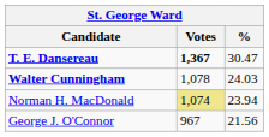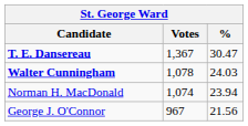 <table class="wikitable">
 <tr>
 <th colspan="3"><a href='#'>St. George Ward</a></th>
 </tr>
 <tr>
 <th style="width: 200px">Candidate</th>
 <th style="width: 50px">Votes</th>
 <th style="width: 40px">%</th>
 </tr>
 <tr>
 <td><strong><a href='#'>T. E. Dansereau</a></strong></td>
-<td><strong>1,367</strong></td>
+<td>1,367</td>
 <td>30.47</td>
 </tr>
 <tr>
 <td><strong><a href='#'>Walter Cunningham</a></strong></td>
 <td>1,078</td>
 <td>24.03</td>
 </tr>
 <tr>
 <td><a href='#'>Norman H. MacDonald</a></td>
-<td style="background: khaki;">1,074</td>
+<td>1,074</td>
 <td>23.94</td>
 </tr>
 <tr>
 <td><a href='#'>George J. O'Connor</a></td>
 <td>967</td>
 <td>21.56</td>
 </tr>
 </table>
